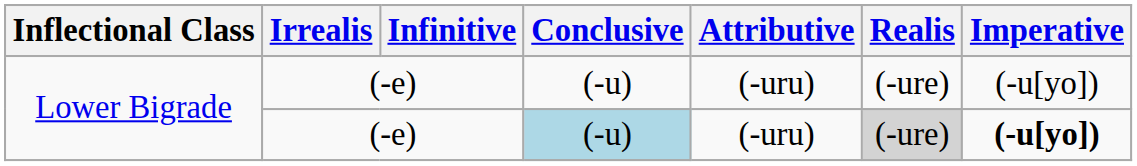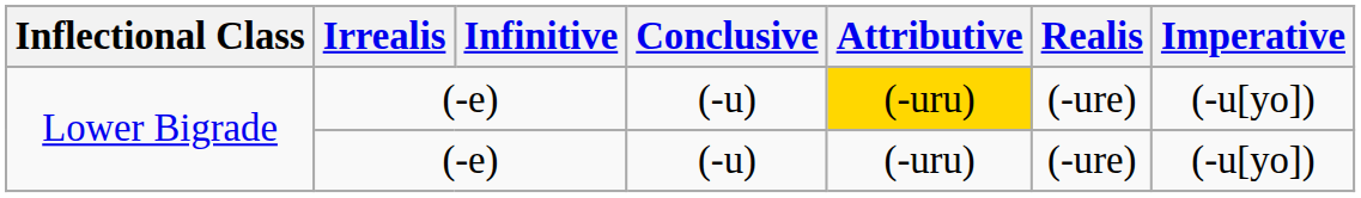 <table class="wikitable" style="text-align: center">
 <tr>
 <th>Inflectional Class<br></th>
 <th><a href='#'>Irrealis</a><br></th>
 <th><a href='#'>Infinitive</a><br></th>
 <th><a href='#'>Conclusive</a><br></th>
 <th><a href='#'>Attributive</a><br></th>
 <th><a href='#'>Realis</a><br></th>
 <th><a href='#'>Imperative</a><br></th>
 </tr>
 <tr>
 <td rowspan="2"><a href='#'>Lower Bigrade</a><br></td>
 <td colspan="2"> (-e)</td>
 <td> (-u)</td>
-<td> (-uru)</td>
+<td style="background: gold;"> (-uru)</td>
 <td> (-ure)</td>
 <td> (-u[yo])</td>
 </tr>
 <tr>
 <td colspan="2"> (-e)</td>
-<td style="background: lightblue;"> (-u)</td>
+<td> (-u)</td>
 <td> (-uru)</td>
-<td style="background: lightgrey;"> (-ure)</td>
-<td><strong> (-u[yo])</strong></td>
+<td> (-ure)</td>
+<td> (-u[yo])</td>
 </tr>
 </table>
